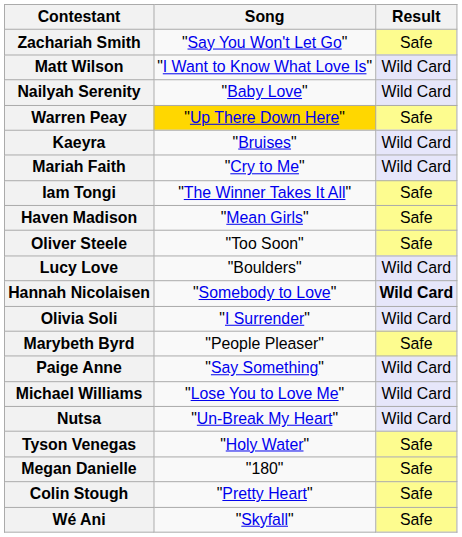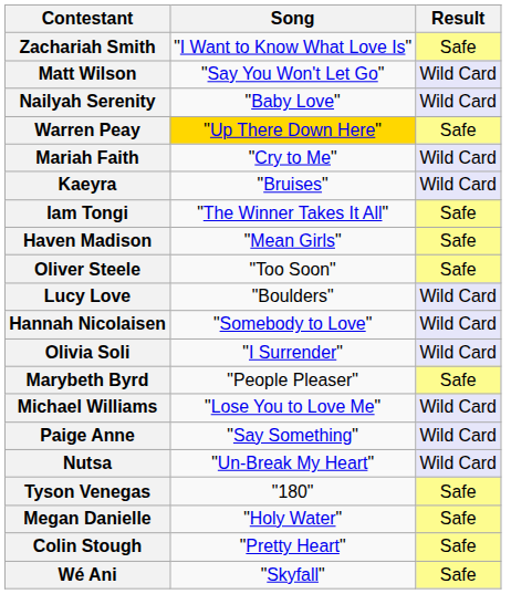 <table class="wikitable" style="text-align:center">
 <tr>
 <th scope="col">Contestant</th>
 <th scope="col">Song</th>
 <th scope="col">Result</th>
 </tr>
 <tr>
 <th scope="row">Zachariah Smith</th>
-<td>"<a href='#'>Say You Won't Let Go</a>"</td>
+<td>"<a href='#'>I Want to Know What Love Is</a>"</td>
 <td style="background:#FDFC8F;">Safe</td>
 </tr>
 <tr>
 <th scope="row">Matt Wilson</th>
-<td>"<a href='#'>I Want to Know What Love Is</a>"</td>
+<td>"<a href='#'>Say You Won't Let Go</a>"</td>
 <td style="background:#E6E6FA;">Wild Card</td>
 </tr>
 <tr>
 <th scope="row">Nailyah Serenity</th>
 <td>"<a href='#'>Baby Love</a>"</td>
 <td style="background:#E6E6FA;">Wild Card</td>
 </tr>
 <tr>
 <th scope="row">Warren Peay</th>
 <td style="background: gold;">"<a href='#'>Up There Down Here</a>"</td>
 <td style="background:#FDFC8F;">Safe</td>
 </tr>
 <tr>
-<th scope="row">Kaeyra</th>
-<td>"<a href='#'>Bruises</a>"</td>
+<th scope="row">Mariah Faith</th>
+<td>"<a href='#'>Cry to Me</a>"</td>
 <td style="background:#E6E6FA;">Wild Card</td>
 </tr>
 <tr>
-<th scope="row">Mariah Faith</th>
-<td>"<a href='#'>Cry to Me</a>"</td>
+<th scope="row">Kaeyra</th>
+<td>"<a href='#'>Bruises</a>"</td>
 <td style="background:#E6E6FA;">Wild Card</td>
 </tr>
 <tr>
 <th scope="row">Iam Tongi</th>
 <td>"<a href='#'>The Winner Takes It All</a>"</td>
 <td style="background:#FDFC8F;">Safe</td>
 </tr>
 <tr>
 <th scope="row">Haven Madison</th>
 <td>"<a href='#'>Mean Girls</a>"</td>
 <td style="background:#FDFC8F;">Safe</td>
 </tr>
 <tr>
 <th scope="row">Oliver Steele</th>
 <td>"Too Soon"</td>
 <td style="background:#FDFC8F;">Safe</td>
 </tr>
 <tr>
 <th scope="row">Lucy Love</th>
 <td>"Boulders"</td>
 <td style="background:#E6E6FA;">Wild Card</td>
 </tr>
 <tr>
 <th scope="row">Hannah Nicolaisen</th>
 <td>"<a href='#'>Somebody to Love</a>"</td>
-<td style="background:#E6E6FA;"><strong>Wild Card</strong></td>
+<td style="background:#E6E6FA;">Wild Card</td>
 </tr>
 <tr>
 <th scope="row">Olivia Soli</th>
 <td>"<a href='#'>I Surrender</a>"</td>
 <td style="background:#E6E6FA;">Wild Card</td>
 </tr>
 <tr>
 <th scope="row">Marybeth Byrd</th>
 <td>"People Pleaser"</td>
 <td style="background:#FDFC8F;">Safe</td>
 </tr>
 <tr>
-<th scope="row">Paige Anne</th>
-<td>"<a href='#'>Say Something</a>"</td>
+<th scope="row">Michael Williams</th>
+<td>"<a href='#'>Lose You to Love Me</a>"</td>
 <td style="background:#E6E6FA;">Wild Card</td>
 </tr>
 <tr>
-<th scope="row">Michael Williams</th>
-<td>"<a href='#'>Lose You to Love Me</a>"</td>
+<th scope="row">Paige Anne</th>
+<td>"<a href='#'>Say Something</a>"</td>
 <td style="background:#E6E6FA;">Wild Card</td>
 </tr>
 <tr>
 <th scope="row">Nutsa</th>
 <td>"<a href='#'>Un-Break My Heart</a>"</td>
 <td style="background:#E6E6FA;">Wild Card</td>
 </tr>
 <tr>
 <th scope="row">Tyson Venegas</th>
-<td>"<a href='#'>Holy Water</a>"</td>
+<td>"180"</td>
 <td style="background:#FDFC8F;">Safe</td>
 </tr>
 <tr>
 <th scope="row">Megan Danielle</th>
-<td>"180"</td>
+<td>"<a href='#'>Holy Water</a>"</td>
 <td style="background:#FDFC8F;">Safe</td>
 </tr>
 <tr>
 <th scope="row">Colin Stough</th>
 <td>"<a href='#'>Pretty Heart</a>"</td>
 <td style="background:#FDFC8F;">Safe</td>
 </tr>
 <tr>
 <th scope="row">Wé Ani</th>
 <td>"<a href='#'>Skyfall</a>"</td>
 <td style="background:#FDFC8F;">Safe</td>
 </tr>
 </table>
